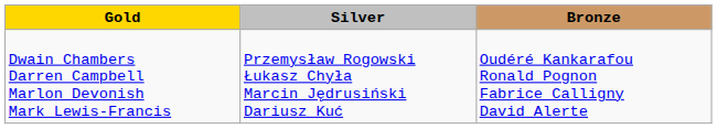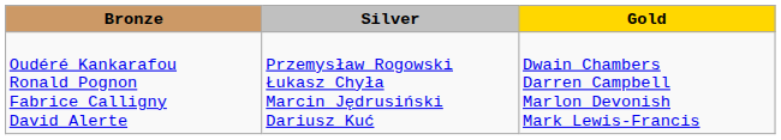 <table class="wikitable" style="text-align:left">
 <tr align="center">
+<td width=200 bgcolor=CC9966><strong>Bronze</strong></td>
+<td width=200 bgcolor=silver><strong>Silver</strong></td>
 <td width=200 bgcolor=gold><strong>Gold</strong></td>
-<td width=200 bgcolor=silver><strong>Silver</strong></td>
-<td width=200 bgcolor=CC9966><strong>Bronze</strong></td>
 </tr>
 <tr>
+<td><em></em><br><a href='#'>Oudéré Kankarafou</a><br> <a href='#'>Ronald Pognon</a><br> <a href='#'>Fabrice Calligny</a><br> <a href='#'>David Alerte</a></td>
+<td><em></em><br><a href='#'>Przemysław Rogowski</a><br> <a href='#'>Łukasz Chyła</a><br> <a href='#'>Marcin Jędrusiński</a><br><a href='#'>Dariusz Kuć</a></td>
 <td><em></em><br><a href='#'>Dwain Chambers</a><br><a href='#'>Darren Campbell</a><br> <a href='#'>Marlon Devonish</a><br> <a href='#'>Mark Lewis-Francis</a></td>
-<td><em></em><br><a href='#'>Przemysław Rogowski</a><br> <a href='#'>Łukasz Chyła</a><br> <a href='#'>Marcin Jędrusiński</a><br><a href='#'>Dariusz Kuć</a></td>
-<td><em></em><br><a href='#'>Oudéré Kankarafou</a><br> <a href='#'>Ronald Pognon</a><br> <a href='#'>Fabrice Calligny</a><br> <a href='#'>David Alerte</a></td>
 </tr>
 </table>
